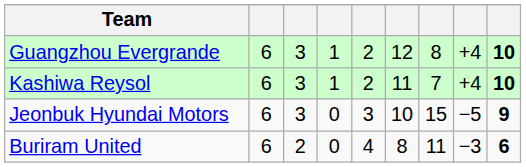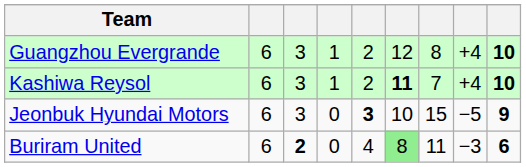 <table class="wikitable" style="text-align: center;">
 <tr>
 </tr>
 <tr>
 <th width=190>Team</th>
 <th width=20></th>
 <th width=20></th>
 <th width=20></th>
 <th width=20></th>
 <th width=20></th>
 <th width=20></th>
 <th width=20></th>
 <th width=20></th>
 </tr>
 <tr bgcolor=#ccffcc>
 <td align="left"> <a href='#'>Guangzhou Evergrande</a></td>
 <td>6</td>
 <td>3</td>
 <td>1</td>
 <td>2</td>
 <td>12</td>
 <td>8</td>
 <td>+4</td>
 <td><strong>10</strong></td>
 </tr>
 <tr bgcolor=#ccffcc>
 <td align="left"> <a href='#'>Kashiwa Reysol</a></td>
 <td>6</td>
 <td>3</td>
 <td>1</td>
 <td>2</td>
-<td>11</td>
+<td><strong>11</strong></td>
 <td>7</td>
 <td>+4</td>
 <td><strong>10</strong></td>
 </tr>
 <tr>
 <td align="left"> <a href='#'>Jeonbuk Hyundai Motors</a></td>
 <td>6</td>
 <td>3</td>
 <td>0</td>
-<td>3</td>
+<td><strong>3</strong></td>
 <td>10</td>
 <td>15</td>
 <td>−5</td>
 <td><strong>9</strong></td>
 </tr>
 <tr>
 <td align="left"> <a href='#'>Buriram United</a></td>
 <td>6</td>
-<td>2</td>
+<td><strong>2</strong></td>
 <td>0</td>
 <td>4</td>
-<td>8</td>
+<td style="background: lightgreen;">8</td>
 <td>11</td>
 <td>−3</td>
 <td><strong>6</strong></td>
 </tr>
 </table>
